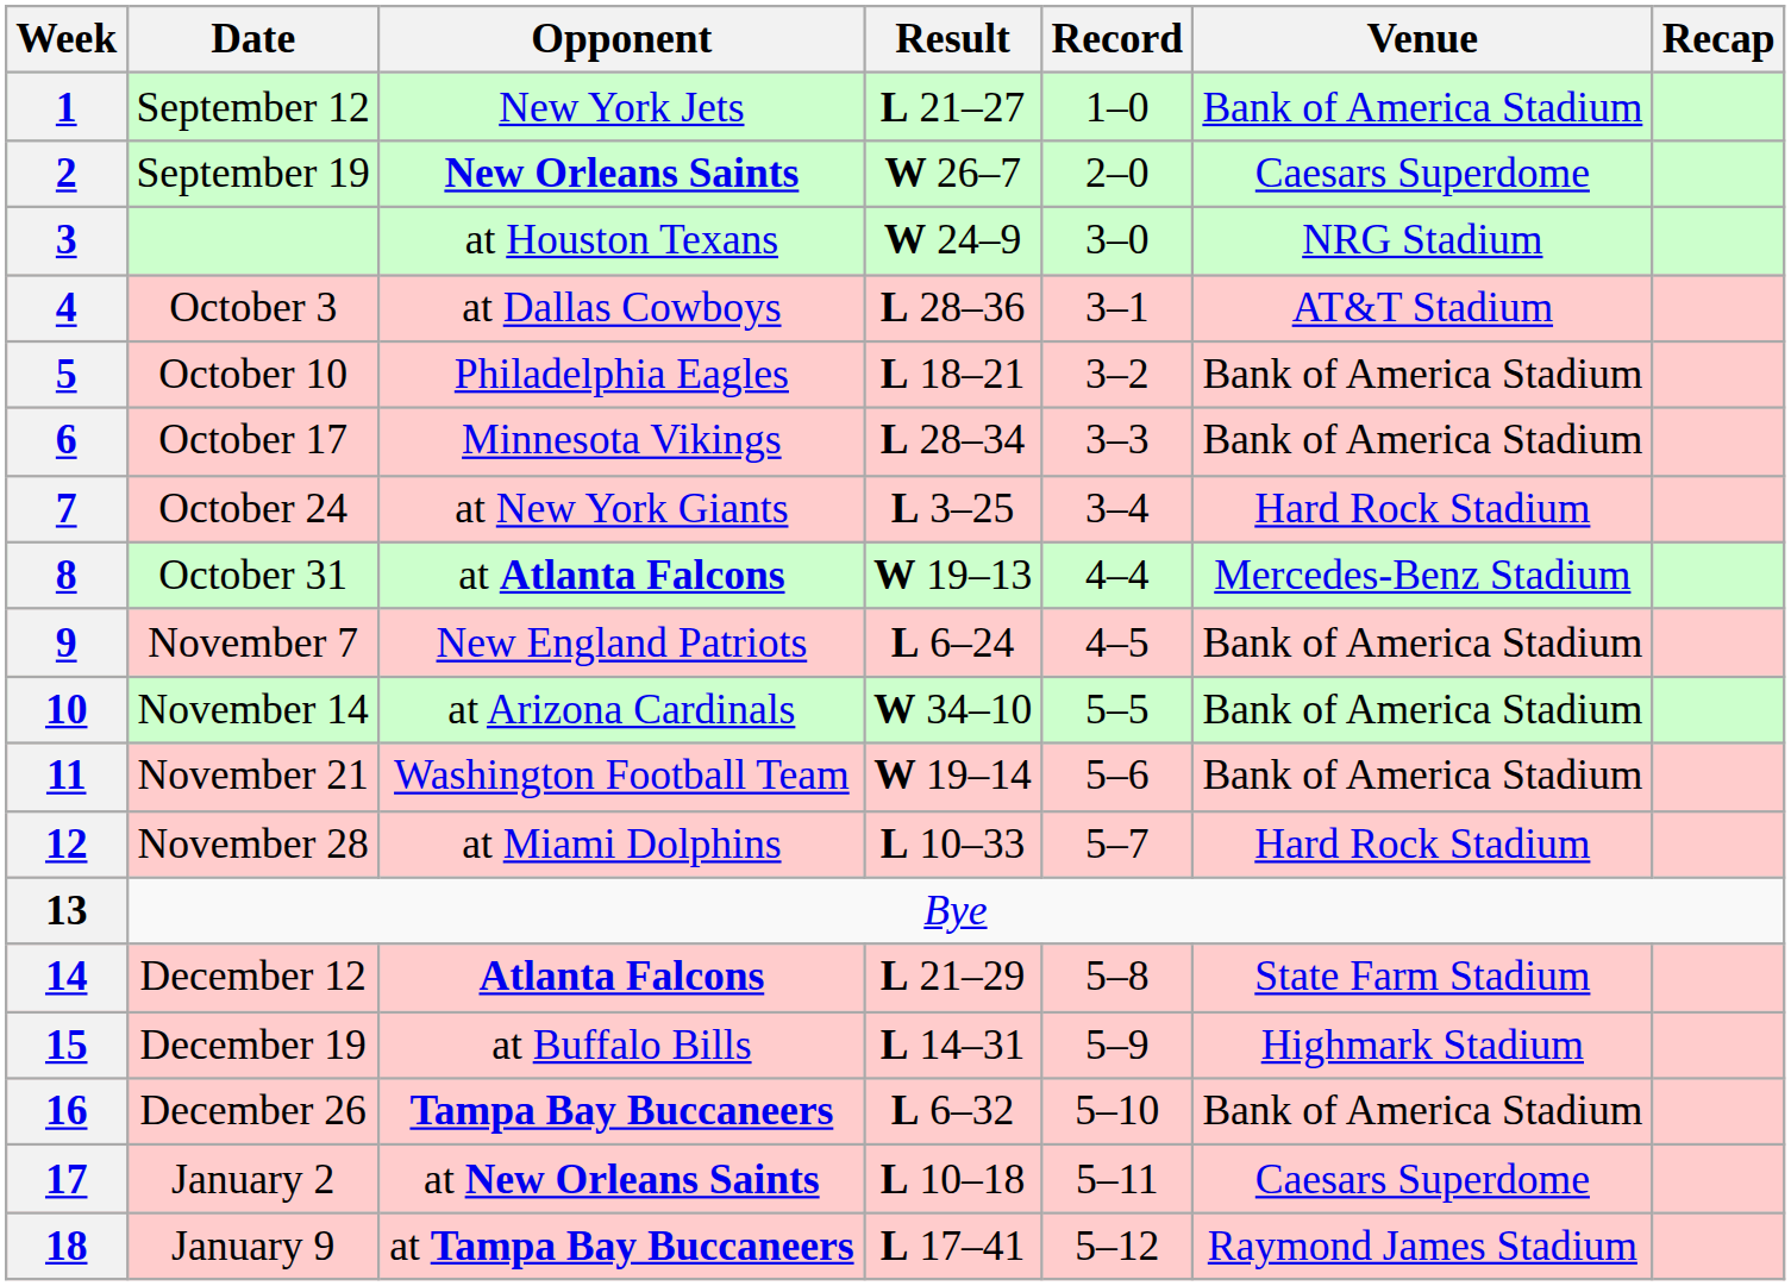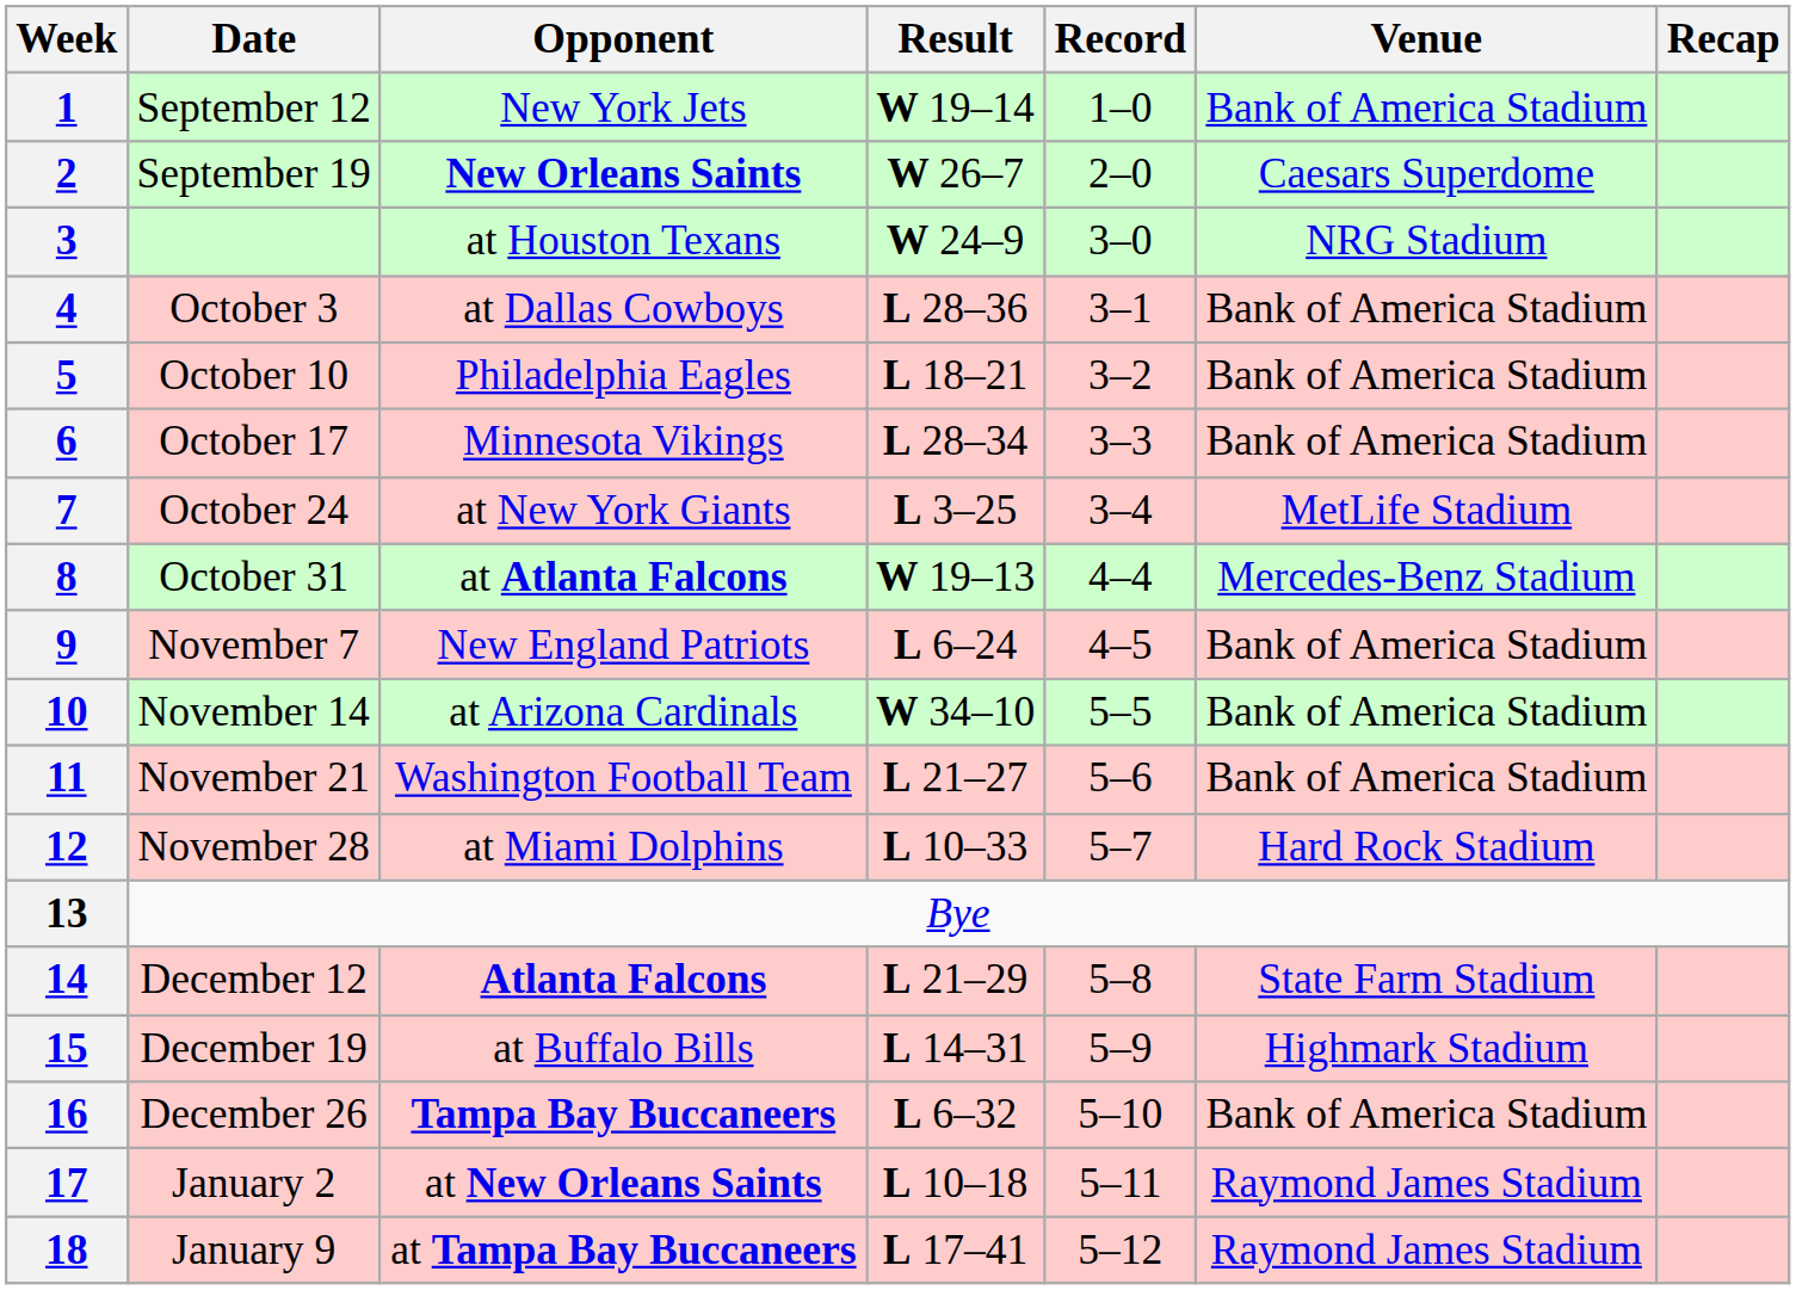 <table class="wikitable" style="text-align:center">
 <tr>
 <th>Week</th>
 <th>Date</th>
 <th>Opponent</th>
 <th>Result</th>
 <th>Record</th>
 <th>Venue</th>
 <th>Recap</th>
 </tr>
 <tr style="background:#cfc">
 <th><a href='#'>1</a></th>
 <td>September 12</td>
 <td><a href='#'>New York Jets</a></td>
-<td><strong>L</strong> 21–27</td>
+<td><strong>W </strong> 19–14</td>
 <td>1–0</td>
 <td><a href='#'>Bank of America Stadium</a></td>
 <td></td>
 </tr>
 <tr style="background:#cfc">
 <th><a href='#'>2</a></th>
 <td>September 19</td>
 <td><strong><a href='#'>New Orleans Saints</a></strong></td>
 <td><strong>W </strong> 26–7</td>
 <td>2–0</td>
 <td><a href='#'>Caesars Superdome</a></td>
 <td></td>
 </tr>
 <tr style="background:#cfc">
 <th><a href='#'>3</a></th>
 <td></td>
 <td>at <a href='#'>Houston Texans</a></td>
 <td><strong>W</strong> 24–9</td>
 <td>3–0</td>
 <td><a href='#'>NRG Stadium</a></td>
 <td></td>
 </tr>
 <tr style="background:#fcc">
 <th><a href='#'>4</a></th>
 <td>October 3</td>
 <td>at <a href='#'>Dallas Cowboys</a></td>
 <td><strong>L</strong> 28–36</td>
 <td>3–1</td>
-<td><a href='#'>AT&T Stadium</a></td>
+<td>Bank of America Stadium</td>
 <td></td>
 </tr>
 <tr style="background:#fcc">
 <th><a href='#'>5</a></th>
 <td>October 10</td>
 <td><a href='#'>Philadelphia Eagles</a></td>
 <td><strong>L</strong> 18–21</td>
 <td>3–2</td>
 <td>Bank of America Stadium</td>
 <td></td>
 </tr>
 <tr style="background:#fcc">
 <th><a href='#'>6</a></th>
 <td>October 17</td>
 <td><a href='#'>Minnesota Vikings</a></td>
 <td><strong>L</strong> 28–34 </td>
 <td>3–3</td>
 <td>Bank of America Stadium</td>
 <td></td>
 </tr>
 <tr style="background:#fcc">
 <th><a href='#'>7</a></th>
 <td>October 24</td>
 <td>at <a href='#'>New York Giants</a></td>
 <td><strong>L</strong> 3–25</td>
 <td>3–4</td>
-<td><a href='#'>Hard Rock Stadium</a></td>
+<td><a href='#'>MetLife Stadium</a></td>
 <td></td>
 </tr>
 <tr style="background:#cfc">
 <th><a href='#'>8</a></th>
 <td>October 31</td>
 <td>at <strong><a href='#'>Atlanta Falcons</a></strong></td>
 <td><strong>W</strong> 19–13</td>
 <td>4–4</td>
 <td><a href='#'>Mercedes-Benz Stadium</a></td>
 <td></td>
 </tr>
 <tr style="background:#fcc">
 <th><a href='#'>9</a></th>
 <td>November 7</td>
 <td><a href='#'>New England Patriots</a></td>
 <td><strong>L</strong> 6–24</td>
 <td>4–5</td>
 <td>Bank of America Stadium</td>
 <td></td>
 </tr>
 <tr style="background:#cfc">
 <th><a href='#'>10</a></th>
 <td>November 14</td>
 <td>at <a href='#'>Arizona Cardinals</a></td>
 <td><strong>W</strong> 34–10</td>
 <td>5–5</td>
 <td>Bank of America Stadium</td>
 <td></td>
 </tr>
 <tr style="background:#fcc">
 <th><a href='#'>11</a></th>
 <td>November 21</td>
 <td><a href='#'>Washington Football Team</a></td>
-<td><strong>W </strong> 19–14</td>
+<td><strong>L</strong> 21–27</td>
 <td>5–6</td>
 <td>Bank of America Stadium</td>
 <td></td>
 </tr>
 <tr style="background:#fcc">
 <th><a href='#'>12</a></th>
 <td>November 28</td>
 <td>at <a href='#'>Miami Dolphins</a></td>
 <td><strong>L</strong> 10–33</td>
 <td>5–7</td>
 <td><a href='#'>Hard Rock Stadium</a></td>
 <td></td>
 </tr>
 <tr>
 <th>13</th>
 <td colspan="6"><em><a href='#'>Bye</a></em></td>
 </tr>
 <tr style="background:#fcc">
 <th><a href='#'>14</a></th>
 <td>December 12</td>
 <td><strong><a href='#'>Atlanta Falcons</a></strong></td>
 <td><strong>L</strong> 21–29</td>
 <td>5–8</td>
 <td><a href='#'>State Farm Stadium</a></td>
 <td></td>
 </tr>
 <tr style="background:#fcc">
 <th><a href='#'>15</a></th>
 <td>December 19</td>
 <td>at <a href='#'>Buffalo Bills</a></td>
 <td><strong>L</strong> 14–31</td>
 <td>5–9</td>
 <td><a href='#'>Highmark Stadium</a></td>
 <td></td>
 </tr>
 <tr style="background:#fcc">
 <th><a href='#'>16</a></th>
 <td>December 26</td>
 <td><strong><a href='#'>Tampa Bay Buccaneers</a></strong></td>
 <td><strong>L</strong> 6–32</td>
 <td>5–10</td>
 <td>Bank of America Stadium</td>
 <td></td>
 </tr>
 <tr style="background:#fcc">
 <th><a href='#'>17</a></th>
 <td>January 2</td>
 <td>at <strong><a href='#'>New Orleans Saints</a></strong></td>
 <td><strong>L</strong> 10–18</td>
 <td>5–11</td>
-<td><a href='#'>Caesars Superdome</a></td>
+<td><a href='#'>Raymond James Stadium</a></td>
 <td></td>
 </tr>
 <tr style="background:#fcc">
 <th><a href='#'>18</a></th>
 <td>January 9</td>
 <td>at <strong><a href='#'>Tampa Bay Buccaneers</a></strong></td>
 <td><strong>L</strong> 17–41</td>
 <td>5–12</td>
 <td><a href='#'>Raymond James Stadium</a></td>
 <td></td>
 </tr>
 </table>
